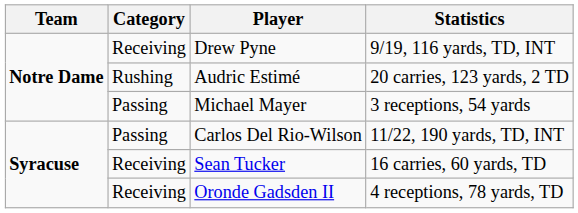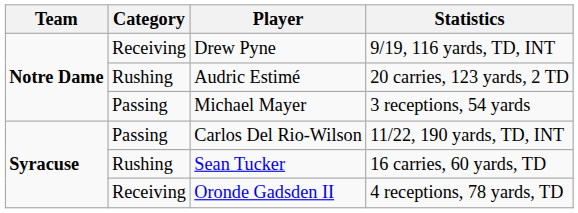 <table class="wikitable" style="float: right;">
 <tr>
 <th>Team</th>
 <th>Category</th>
 <th>Player</th>
 <th>Statistics</th>
 </tr>
 <tr>
 <td rowspan=3><strong>Notre Dame</strong></td>
 <td>Receiving</td>
 <td>Drew Pyne</td>
 <td>9/19, 116 yards, TD, INT</td>
 </tr>
 <tr>
 <td>Rushing</td>
 <td>Audric Estimé</td>
 <td>20 carries, 123 yards, 2 TD</td>
 </tr>
 <tr>
 <td>Passing</td>
 <td>Michael Mayer</td>
 <td>3 receptions, 54 yards</td>
 </tr>
 <tr>
 <td rowspan=3><strong>Syracuse</strong></td>
 <td>Passing</td>
 <td>Carlos Del Rio-Wilson</td>
 <td>11/22, 190 yards, TD, INT</td>
 </tr>
 <tr>
-<td>Receiving</td>
+<td>Rushing</td>
 <td><a href='#'>Sean Tucker</a></td>
 <td>16 carries, 60 yards, TD</td>
 </tr>
 <tr>
 <td>Receiving</td>
 <td><a href='#'>Oronde Gadsden II</a></td>
 <td>4 receptions, 78 yards, TD</td>
 </tr>
 </table>
